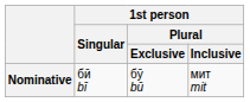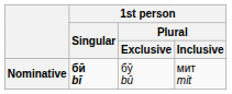 <table class="wikitable" style="font-size:80%">
 <tr>
 <th rowspan="3"></th>
 <th colspan="3">1st person</th>
 </tr>
 <tr>
 <th rowspan="2">Singular</th>
 <th colspan="2">Plural</th>
 </tr>
 <tr>
 <th>Exclusive</th>
 <th>Inclusive</th>
 </tr>
 <tr>
 <th>Nominative</th>
-<td>бӣ<br><em>bī</em></td>
+<td><strong>бӣ<br><em>bī</em></strong></td>
 <td>бӯ<br><em>bū</em></td>
 <td>мит<br><em>mit</em></td>
 </tr>
 </table>
